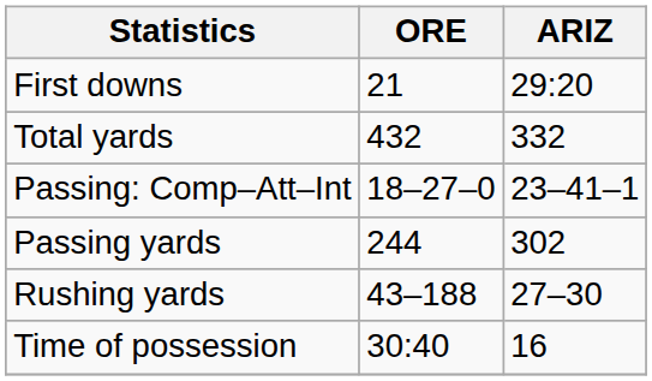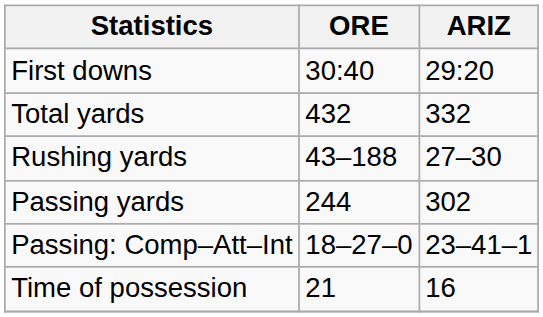 <table class="wikitable" style="float: left;">
 <tr>
 <th>Statistics</th>
 <th>ORE</th>
 <th>ARIZ</th>
 </tr>
 <tr>
 <td>First downs</td>
-<td>21</td>
+<td>30:40</td>
 <td>29:20</td>
 </tr>
 <tr>
 <td>Total yards</td>
 <td>432</td>
 <td>332</td>
 </tr>
 <tr>
-<td>Passing: Comp–Att–Int</td>
-<td>18–27–0</td>
-<td>23–41–1</td>
+<td>Rushing yards</td>
+<td>43–188</td>
+<td>27–30</td>
 </tr>
 <tr>
 <td>Passing yards</td>
 <td>244</td>
 <td>302</td>
 </tr>
 <tr>
-<td>Rushing yards</td>
-<td>43–188</td>
-<td>27–30</td>
+<td>Passing: Comp–Att–Int</td>
+<td>18–27–0</td>
+<td>23–41–1</td>
 </tr>
 <tr>
 <td>Time of possession</td>
-<td>30:40</td>
+<td>21</td>
 <td>16</td>
 </tr>
 <tr>
 </tr>
 </table>
